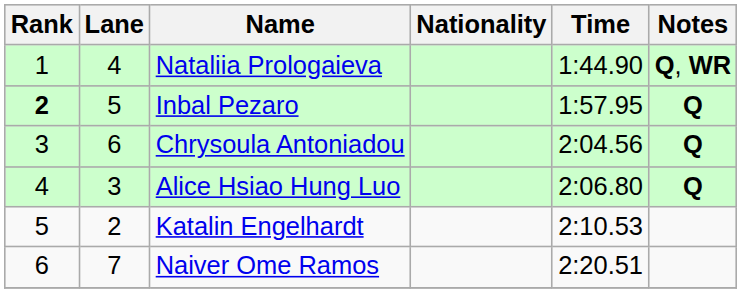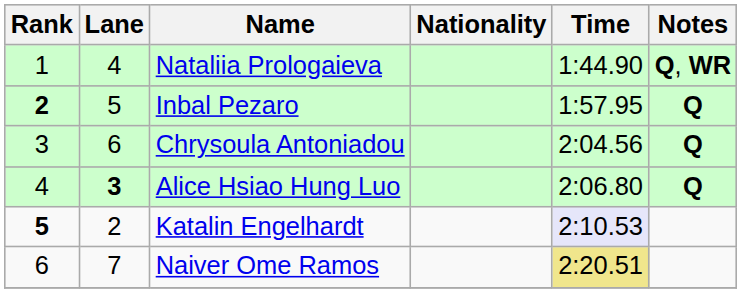 <table class="wikitable">
 <tr>
 <th>Rank</th>
 <th>Lane</th>
 <th>Name</th>
 <th>Nationality</th>
 <th>Time</th>
 <th>Notes</th>
 </tr>
 <tr bgcolor=ccffcc>
 <td align=center>1</td>
 <td align=center>4</td>
 <td><a href='#'>Nataliia Prologaieva</a></td>
 <td></td>
 <td align=center>1:44.90</td>
 <td align=center><strong>Q</strong>, <strong>WR</strong></td>
 </tr>
 <tr bgcolor=ccffcc>
 <td align=center><strong>2</strong></td>
 <td align=center>5</td>
 <td><a href='#'>Inbal Pezaro</a></td>
 <td></td>
 <td align=center>1:57.95</td>
 <td align=center><strong>Q</strong></td>
 </tr>
 <tr bgcolor=ccffcc>
 <td align=center>3</td>
 <td align=center>6</td>
 <td><a href='#'>Chrysoula Antoniadou</a></td>
 <td></td>
 <td align=center>2:04.56</td>
 <td align=center><strong>Q</strong></td>
 </tr>
 <tr bgcolor=ccffcc>
 <td align=center>4</td>
-<td align=center>3</td>
+<td align=center><strong>3</strong></td>
 <td><a href='#'>Alice Hsiao Hung Luo</a></td>
 <td></td>
 <td align=center>2:06.80</td>
 <td align=center><strong>Q</strong></td>
 </tr>
 <tr>
-<td align=center>5</td>
+<td align=center><strong>5</strong></td>
 <td align=center>2</td>
 <td><a href='#'>Katalin Engelhardt</a></td>
 <td></td>
-<td align=center>2:10.53</td>
+<td align=center style="background: lavender;">2:10.53</td>
 <td align=center></td>
 </tr>
 <tr>
 <td align=center>6</td>
 <td align=center>7</td>
 <td><a href='#'>Naiver Ome Ramos</a></td>
 <td></td>
-<td align=center>2:20.51</td>
+<td align=center style="background: khaki;">2:20.51</td>
 <td align=center></td>
 </tr>
 <tr>
 </tr>
 </table>
